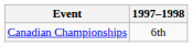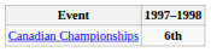 <table class="wikitable">
 <tr>
 <th>Event</th>
 <th>1997–1998</th>
 </tr>
 <tr>
 <td><a href='#'>Canadian Championships</a></td>
-<td align="center">6th</td>
+<td align="center"><strong>6th</strong></td>
 </tr>
 </table>
